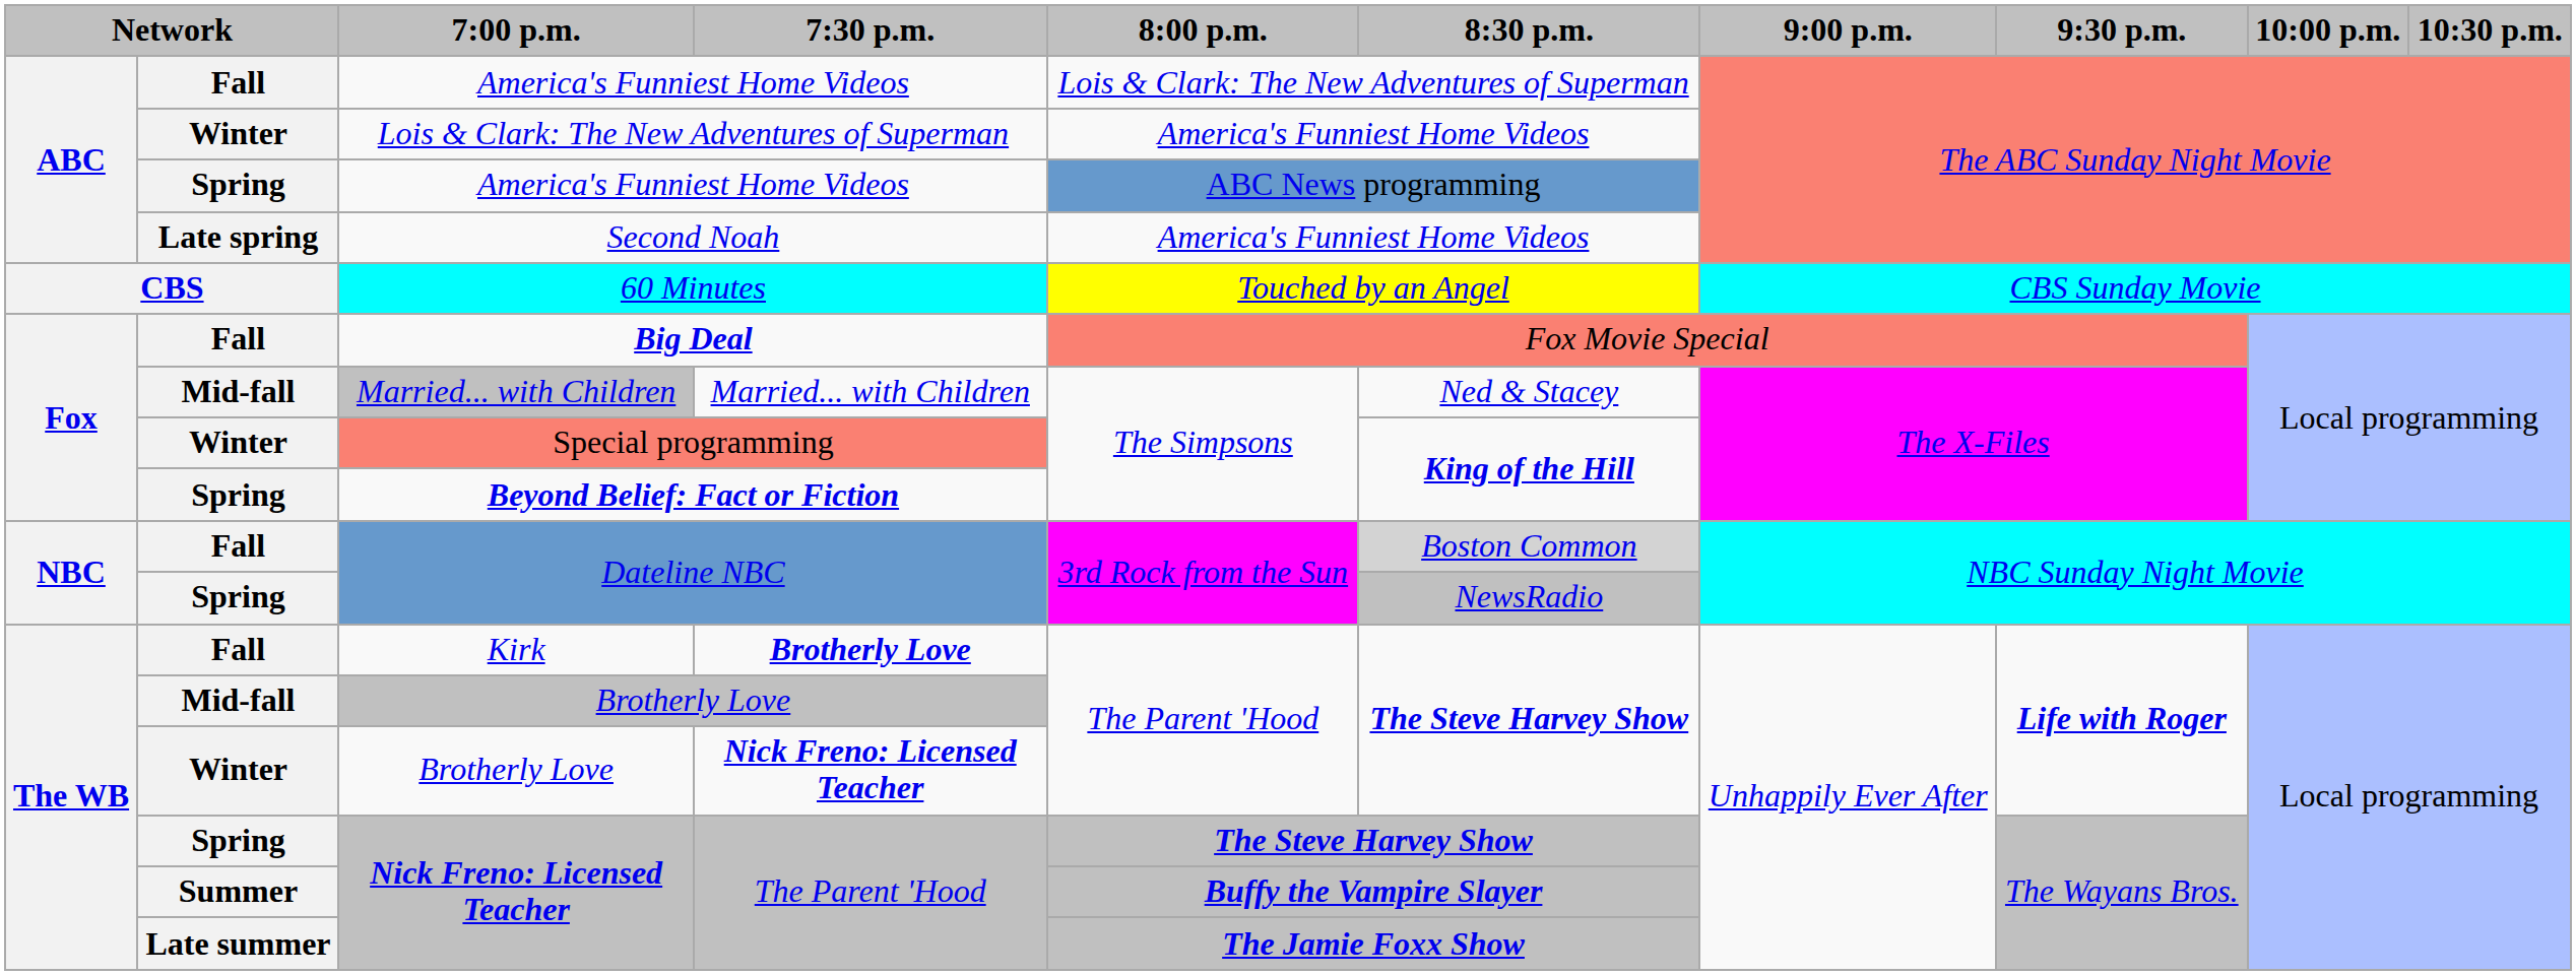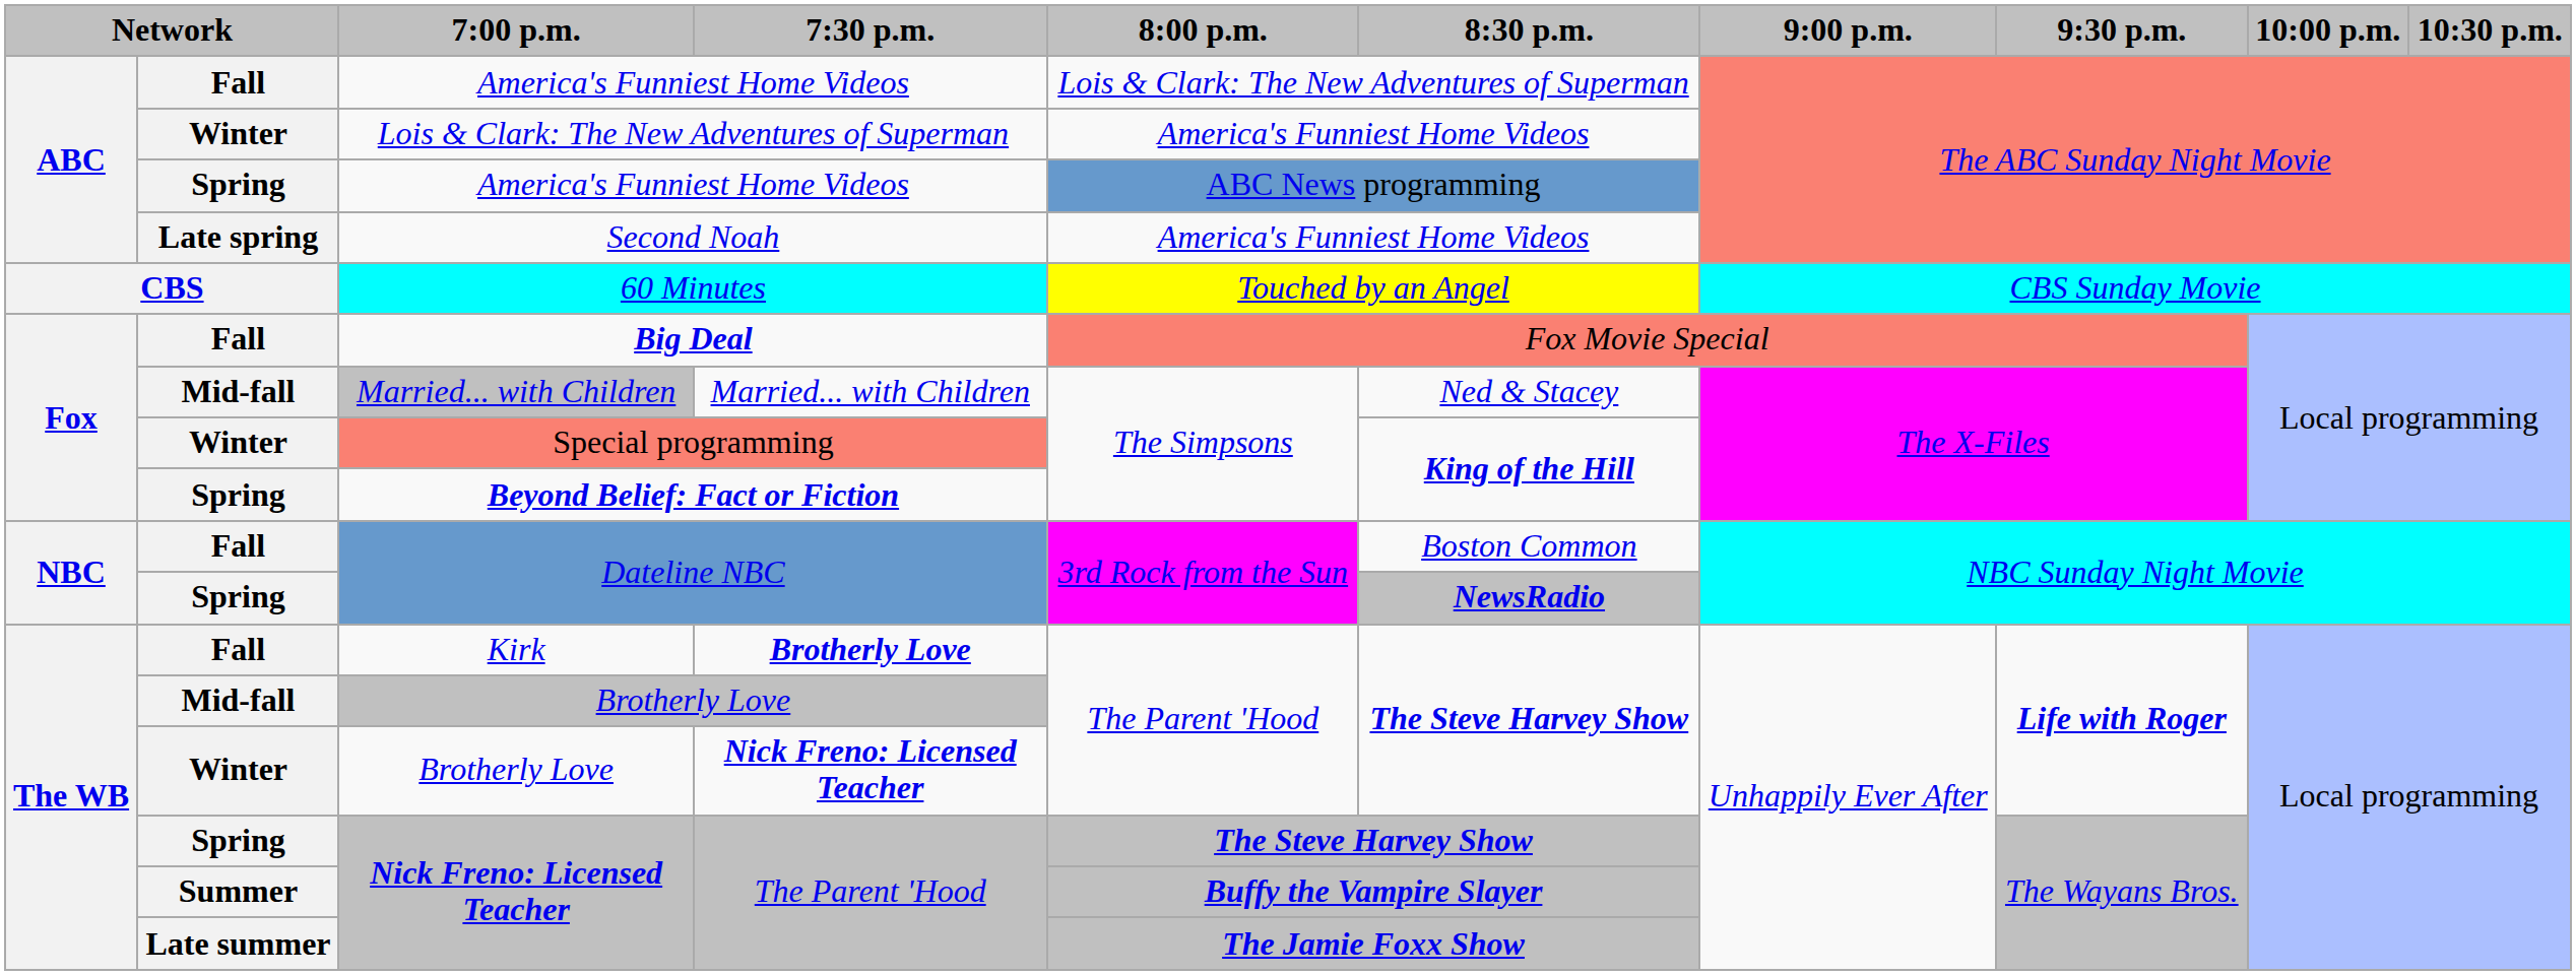 <table class="wikitable" style="width:100%;margin-right:0;text-align:center">
 <tr>
 <th colspan="2" style="background-color:#C0C0C0">Network</th>
 <th style="background-color:#C0C0C0;text-align:center;width:13.8%;">7:00 p.m.</th>
 <th style="background-color:#C0C0C0;text-align:center;width:13.8%;">7:30 p.m.</th>
 <th style="background-color:#C0C0C0;text-align:center">8:00 p.m.</th>
 <th style="background-color:#C0C0C0;text-align:center">8:30 p.m.</th>
 <th style="background-color:#C0C0C0;text-align:center">9:00 p.m.</th>
 <th style="background-color:#C0C0C0;text-align:center">9:30 p.m.</th>
 <th style="background-color:#C0C0C0;text-align:center">10:00 p.m.</th>
 <th style="background-color:#C0C0C0;text-align:center">10:30 p.m.</th>
 </tr>
 <tr>
 <th rowspan="4"><a href='#'>ABC</a></th>
 <th>Fall</th>
 <td colspan="2"><em><a href='#'>America's Funniest Home Videos</a></em></td>
 <td colspan="2"><em><a href='#'>Lois & Clark: The New Adventures of Superman</a></em></td>
 <td rowspan="4" colspan="4" style="background:#FA8072;"><em><a href='#'>The ABC Sunday Night Movie</a></em></td>
 </tr>
 <tr>
 <th>Winter</th>
 <td colspan="2"><em><a href='#'>Lois & Clark: The New Adventures of Superman</a></em></td>
 <td colspan="2"><em><a href='#'>America's Funniest Home Videos</a></em></td>
 </tr>
 <tr>
 <th>Spring</th>
 <td colspan="2"><em><a href='#'>America's Funniest Home Videos</a></em></td>
 <td colspan="2" style="background:#6699CC;"><a href='#'>ABC News</a> programming</td>
 </tr>
 <tr>
 <th>Late spring</th>
 <td colspan="2"><em><a href='#'>Second Noah</a></em></td>
 <td colspan="2"><em><a href='#'>America's Funniest Home Videos</a></em></td>
 </tr>
 <tr>
 <th colspan="2"><a href='#'>CBS</a></th>
 <td colspan="2" style="background:#00FFFF;"><em><a href='#'>60 Minutes</a></em> </td>
 <td colspan="2" style="background:#FFFF00;"><em><a href='#'>Touched by an Angel</a></em> </td>
 <td colspan="4" style="background:#00FFFF;"><em><a href='#'>CBS Sunday Movie</a></em> </td>
 </tr>
 <tr>
 <th rowspan="4"><a href='#'>Fox</a></th>
 <th>Fall</th>
 <td colspan="2"><strong><em><a href='#'>Big Deal</a></em></strong></td>
 <td colspan="4" style="background:#FA8072;"><em>Fox Movie Special</em></td>
 <td colspan="2" rowspan="4" style="background:#abbfff;">Local programming</td>
 </tr>
 <tr>
 <th>Mid-fall</th>
 <td style="background:#C0C0C0;"><em><a href='#'>Married... with Children</a></em> </td>
 <td><em><a href='#'>Married... with Children</a></em></td>
 <td rowspan="3"><em><a href='#'>The Simpsons</a></em></td>
 <td><em><a href='#'>Ned & Stacey</a></em></td>
 <td colspan="2" rowspan="3" style="background:#FF00FF;"><em><a href='#'>The X-Files</a></em> </td>
 </tr>
 <tr>
 <th>Winter</th>
 <td colspan="2" style="background:#FA8072;">Special programming</td>
 <td rowspan="2"><strong><em><a href='#'>King of the Hill</a></em></strong></td>
 </tr>
 <tr>
 <th>Spring</th>
 <td colspan="2"><strong><em><a href='#'>Beyond Belief: Fact or Fiction</a></em></strong></td>
 </tr>
 <tr>
 <th rowspan="2"><a href='#'>NBC</a></th>
 <th>Fall</th>
 <td colspan="2" rowspan="2" style="background:#6699CC;"><em><a href='#'>Dateline NBC</a></em></td>
 <td rowspan="2" style="background:#FF00FF;"><em><a href='#'>3rd Rock from the Sun</a></em> </td>
-<td style="background: lightgrey;"><em><a href='#'>Boston Common</a></em></td>
+<td><em><a href='#'>Boston Common</a></em></td>
 <td colspan="4" rowspan="2" style="background:#00FFFF;"><em><a href='#'>NBC Sunday Night Movie</a></em> </td>
 </tr>
 <tr>
 <th>Spring</th>
-<td style="background:#C0C0C0;"><em><a href='#'>NewsRadio</a></em> </td>
+<td style="background:#C0C0C0;"><strong><em><a href='#'>NewsRadio</a></em> </strong></td>
 </tr>
 <tr>
 <th rowspan="6"><a href='#'>The WB</a></th>
 <th>Fall</th>
 <td><em><a href='#'>Kirk</a></em></td>
 <td><strong><em><a href='#'>Brotherly Love</a></em></strong></td>
 <td rowspan="3"><em><a href='#'>The Parent 'Hood</a></em></td>
 <td rowspan="3"><strong><em><a href='#'>The Steve Harvey Show</a></em></strong></td>
 <td rowspan="6"><em><a href='#'>Unhappily Ever After</a></em></td>
 <td rowspan="3"><strong><em><a href='#'>Life with Roger</a></em></strong></td>
 <td colspan="2" rowspan="6" style="background:#abbfff;">Local programming</td>
 </tr>
 <tr>
 <th>Mid-fall</th>
 <td colspan="2" style="background:#C0C0C0;"><em><a href='#'>Brotherly Love</a></em> </td>
 </tr>
 <tr>
 <th>Winter</th>
 <td><em><a href='#'>Brotherly Love</a></em></td>
 <td><strong><em><a href='#'>Nick Freno: Licensed Teacher</a></em></strong></td>
 </tr>
 <tr>
 <th>Spring</th>
 <td rowspan="3" style="background:#C0C0C0;"><strong><em><a href='#'>Nick Freno: Licensed Teacher</a></em></strong> </td>
 <td rowspan="3" style="background:#C0C0C0;"><em><a href='#'>The Parent 'Hood</a></em> </td>
 <td colspan="2" style="background:#C0C0C0;"><strong><em><a href='#'>The Steve Harvey Show</a></em></strong> </td>
 <td rowspan="3" style="background:#C0C0C0;"><em><a href='#'>The Wayans Bros.</a></em> </td>
 </tr>
 <tr>
 <th>Summer</th>
 <td colspan="2" style="background:#C0C0C0;"><strong><em><a href='#'>Buffy the Vampire Slayer</a></em></strong> </td>
 </tr>
 <tr>
 <th>Late summer</th>
 <td colspan="2" style="background:#C0C0C0;"><strong><em><a href='#'>The Jamie Foxx Show</a></em></strong> </td>
 </tr>
 </table>
